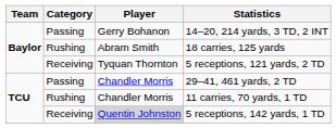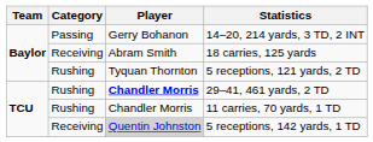 <table class="wikitable" style="float: right;">
 <tr>
 <th>Team</th>
 <th>Category</th>
 <th>Player</th>
 <th>Statistics</th>
 </tr>
 <tr>
 <td rowspan=3><strong>Baylor</strong></td>
 <td>Passing</td>
 <td>Gerry Bohanon</td>
 <td>14–20, 214 yards, 3 TD, 2 INT</td>
 </tr>
 <tr>
-<td>Rushing</td>
+<td>Receiving</td>
 <td>Abram Smith</td>
 <td>18 carries, 125 yards</td>
 </tr>
 <tr>
-<td>Receiving</td>
+<td>Rushing</td>
 <td>Tyquan Thornton</td>
 <td>5 receptions, 121 yards, 2 TD</td>
 </tr>
 <tr>
 <td rowspan=3><strong>TCU</strong></td>
-<td>Passing</td>
-<td><a href='#'>Chandler Morris</a></td>
+<td>Rushing</td>
+<td><strong><a href='#'>Chandler Morris</a></strong></td>
 <td>29–41, 461 yards, 2 TD</td>
 </tr>
 <tr>
 <td>Rushing</td>
 <td>Chandler Morris</td>
 <td>11 carries, 70 yards, 1 TD</td>
 </tr>
 <tr>
 <td>Receiving</td>
 <td style="background: lightgrey;"><a href='#'>Quentin Johnston</a></td>
 <td>5 receptions, 142 yards, 1 TD</td>
 </tr>
 </table>
